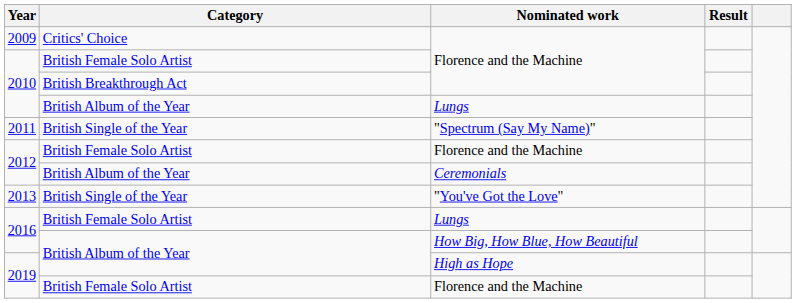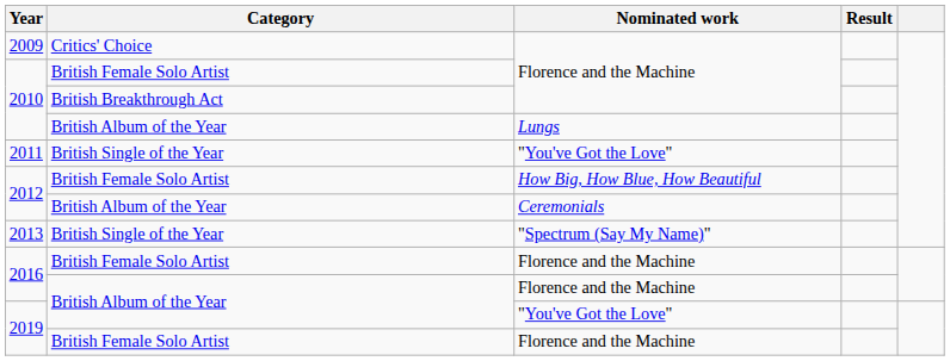 <table class="wikitable plainrowheaders" style="width:70%;">
 <tr>
 <th scope="col" style="width:4%;">Year</th>
 <th scope="col" style="width:50%;">Category</th>
 <th scope="col" style="width:35%;">Nominated work</th>
 <th scope="col" style="width:6%;">Result</th>
 <th scope="col" style="width:6%;"></th>
 </tr>
 <tr>
 <td style="text-align:center;"><a href='#'>2009</a></td>
 <td><a href='#'>Critics' Choice</a></td>
 <td rowspan="3">Florence and the Machine</td>
 <td></td>
 </tr>
 <tr>
 <td style="text-align:center;" rowspan="3"><a href='#'>2010</a></td>
 <td><a href='#'>British Female Solo Artist</a></td>
 <td></td>
 </tr>
 <tr>
 <td><a href='#'>British Breakthrough Act</a></td>
 <td></td>
 </tr>
 <tr>
 <td><a href='#'>British Album of the Year</a></td>
 <td><em><a href='#'>Lungs</a></em></td>
 <td></td>
 </tr>
 <tr>
 <td style="text-align:center;"><a href='#'>2011</a></td>
 <td><a href='#'>British Single of the Year</a></td>
-<td>"<a href='#'>Spectrum (Say My Name)</a>"</td>
+<td>"<a href='#'>You've Got the Love</a>"</td>
 <td></td>
 </tr>
 <tr>
 <td style="text-align:center;" rowspan="2"><a href='#'>2012</a></td>
 <td><a href='#'>British Female Solo Artist</a></td>
-<td>Florence and the Machine</td>
+<td><em><a href='#'>How Big, How Blue, How Beautiful</a></em></td>
 <td></td>
 </tr>
 <tr>
 <td><a href='#'>British Album of the Year</a></td>
 <td><em><a href='#'>Ceremonials</a></em></td>
 <td></td>
 </tr>
 <tr>
 <td style="text-align:center;"><a href='#'>2013</a></td>
 <td><a href='#'>British Single of the Year</a></td>
-<td>"<a href='#'>You've Got the Love</a>"</td>
+<td>"<a href='#'>Spectrum (Say My Name)</a>"</td>
 <td></td>
 </tr>
 <tr>
 <td style="text-align:center;" rowspan="2"><a href='#'>2016</a></td>
 <td><a href='#'>British Female Solo Artist</a></td>
-<td><em><a href='#'>Lungs</a></em></td>
+<td>Florence and the Machine</td>
 <td></td>
 <td rowspan="2" style="text-align:center;"></td>
 </tr>
 <tr>
 <td rowspan="2"><a href='#'>British Album of the Year</a></td>
-<td><em><a href='#'>How Big, How Blue, How Beautiful</a></em></td>
+<td>Florence and the Machine</td>
 <td></td>
 </tr>
 <tr>
 <td style="text-align:center;" rowspan="2"><a href='#'>2019</a></td>
-<td><em><a href='#'>High as Hope</a></em></td>
+<td>"<a href='#'>You've Got the Love</a>"</td>
 <td></td>
 <td rowspan="2" style="text-align:center;"></td>
 </tr>
 <tr>
 <td><a href='#'>British Female Solo Artist</a></td>
 <td>Florence and the Machine</td>
 <td></td>
 </tr>
 </table>
